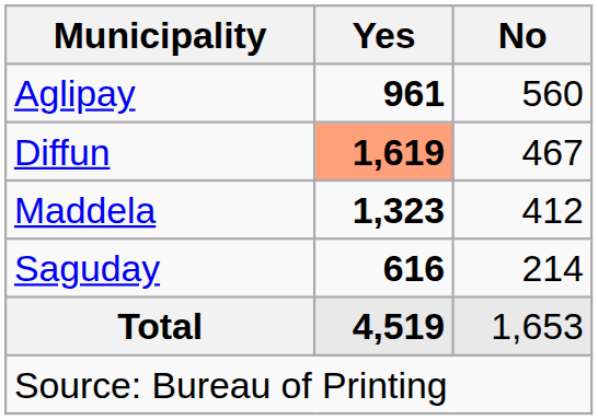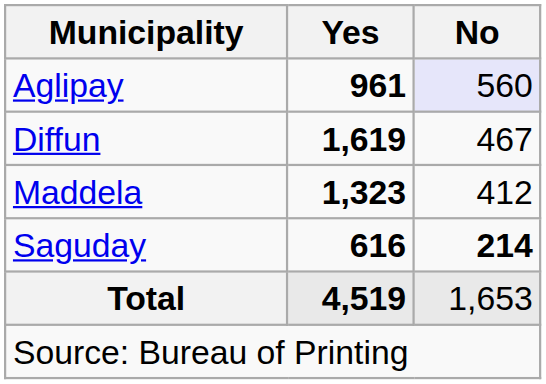 <table class="wikitable" style="text-align:right; font-size:95%">
 <tr>
 <th align="left" width="120px">Municipality</th>
 <th align="center" width="50px">Yes</th>
 <th align="center" width="50px">No</th>
 </tr>
 <tr>
 <td align="left"><a href='#'>Aglipay</a></td>
 <td><strong>961</strong></td>
-<td>560</td>
+<td style="background: lavender;">560</td>
 </tr>
 <tr>
 <td align="left"><a href='#'>Diffun</a></td>
-<td style="background: lightsalmon;"><strong>1,619</strong></td>
+<td><strong>1,619</strong></td>
 <td>467</td>
 </tr>
 <tr>
 <td align="left"><a href='#'>Maddela</a></td>
 <td><strong>1,323</strong></td>
 <td>412</td>
 </tr>
 <tr>
 <td align="left"><a href='#'>Saguday</a></td>
 <td><strong>616</strong></td>
-<td>214</td>
+<td><strong>214</strong></td>
 </tr>
 <tr style="background:#E9E9E9">
 <th align="left"><strong>Total</strong></th>
 <td><strong>4,519</strong></td>
 <td>1,653</td>
 </tr>
 <tr>
 <td colspan="3" align="left">Source: Bureau of Printing</td>
 </tr>
 </table>
